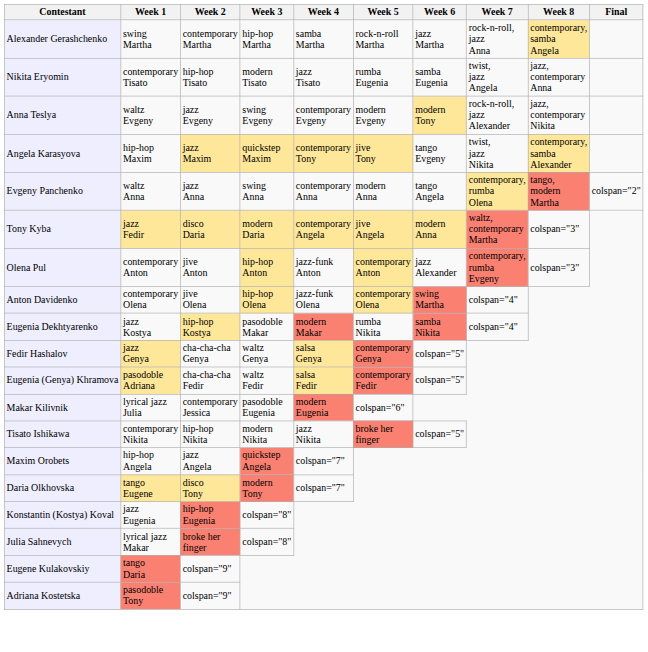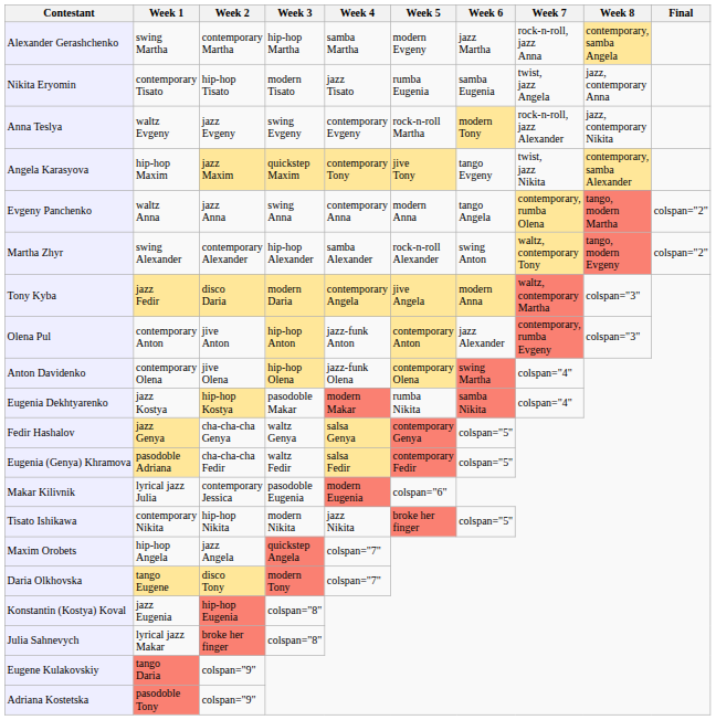 <table class="wikitable">
 <tr>
 <th>Contestant</th>
 <th>Week 1</th>
 <th>Week 2</th>
 <th>Week 3</th>
 <th>Week 4</th>
 <th>Week 5</th>
 <th>Week 6</th>
 <th>Week 7</th>
 <th>Week 8</th>
 <th>Final</th>
 </tr>
 <tr>
 <td bgcolor="#eeeeff">Alexander Gerashchenko</td>
 <td>swing <br> Martha</td>
 <td>contemporary <br> Martha</td>
 <td>hip-hop <br> Martha</td>
 <td>samba <br> Martha</td>
-<td>rock-n-roll <br> Martha</td>
+<td>modern <br> Evgeny</td>
 <td>jazz <br> Martha</td>
 <td>rock-n-roll, <br> jazz <br> Anna</td>
 <td bgcolor=#FFE799>contemporary, <br> samba <br> Angela</td>
 <td></td>
 </tr>
 <tr>
 <td bgcolor="#eeeeff">Nikita Eryomin</td>
 <td>contemporary <br> Tisato</td>
 <td>hip-hop <br> Tisato</td>
 <td>modern <br> Tisato</td>
 <td>jazz <br> Tisato</td>
 <td>rumba <br> Eugenia</td>
 <td>samba <br> Eugenia</td>
 <td>twist, <br> jazz <br> Angela</td>
 <td>jazz, <br> contemporary <br> Anna</td>
 <td></td>
 </tr>
 <tr>
 <td bgcolor="#eeeeff">Anna Teslya</td>
 <td>waltz <br> Evgeny</td>
 <td>jazz <br> Evgeny</td>
 <td>swing <br> Evgeny</td>
 <td>contemporary <br> Evgeny</td>
-<td>modern <br> Evgeny</td>
+<td>rock-n-roll <br> Martha</td>
 <td bgcolor=#FFE799>modern <br> Tony</td>
 <td>rock-n-roll, <br> jazz <br> Alexander</td>
 <td>jazz, <br> contemporary <br> Nikita</td>
 <td></td>
 </tr>
 <tr>
 <td bgcolor="#eeeeff">Angela Karasyova</td>
 <td>hip-hop <br> Maxim</td>
 <td bgcolor=#FFE799>jazz <br> Maxim</td>
 <td bgcolor=#FFE799>quickstep <br> Maxim</td>
 <td bgcolor=#FFE799>contemporary <br> Tony</td>
 <td bgcolor=#FFE799>jive <br> Tony</td>
 <td>tango <br> Evgeny</td>
 <td>twist, <br> jazz <br> Nikita</td>
 <td bgcolor=#FFE799>contemporary, <br> samba <br> Alexander</td>
 <td></td>
 </tr>
 <tr>
 <td bgcolor="#eeeeff">Evgeny Panchenko</td>
 <td>waltz <br> Anna</td>
 <td>jazz <br> Anna</td>
 <td>swing <br> Anna</td>
 <td>contemporary <br> Anna</td>
 <td>modern <br> Anna</td>
 <td>tango <br> Angela</td>
 <td bgcolor=#FFE799>contemporary, <br> rumba <br> Olena</td>
 <td bgcolor=#FA8072>tango, <br> modern <br> Martha</td>
+<td>colspan="2" </td>
+</tr>
+<tr>
+<td bgcolor="#eeeeff">Martha Zhyr</td>
+<td>swing <br> Alexander</td>
+<td>contemporary <br> Alexander</td>
+<td>hip-hop <br> Alexander</td>
+<td>samba <br> Alexander</td>
+<td>rock-n-roll <br> Alexander</td>
+<td>swing <br> Anton</td>
+<td bgcolor=#FFE799>waltz, <br> contemporary <br> Tony</td>
+<td bgcolor=#FA8072>tango, <br> modern <br> Evgeny</td>
 <td>colspan="2" </td>
 </tr>
 <tr>
 <td bgcolor="#eeeeff">Tony Kyba</td>
 <td bgcolor=#FFE799>jazz <br> Fedir</td>
 <td bgcolor=#FFE799>disco <br> Daria</td>
 <td bgcolor=#FFE799>modern <br> Daria</td>
 <td bgcolor=#FFE799>contemporary <br> Angela</td>
 <td bgcolor=#FFE799>jive <br> Angela</td>
 <td bgcolor=#FFE799>modern <br> Anna</td>
 <td bgcolor=#FA8072>waltz, <br> contemporary <br> Martha</td>
 <td>colspan="3" </td>
 </tr>
 <tr>
 <td bgcolor="#eeeeff">Olena Pul</td>
 <td>contemporary <br> Anton</td>
 <td>jive <br> Anton</td>
 <td bgcolor=#FFE799>hip-hop <br> Anton</td>
 <td>jazz-funk <br> Anton</td>
 <td bgcolor=#FFE799>contemporary <br> Anton</td>
 <td>jazz <br> Alexander</td>
 <td bgcolor=#FA8072>contemporary, <br> rumba <br> Evgeny</td>
 <td>colspan="3" </td>
 </tr>
 <tr>
 <td bgcolor="#eeeeff">Anton Davidenko</td>
 <td>contemporary <br> Olena</td>
 <td>jive <br> Olena</td>
 <td bgcolor=#FFE799>hip-hop <br> Olena</td>
 <td>jazz-funk <br> Olena</td>
 <td bgcolor=#FFE799>contemporary <br> Olena</td>
 <td bgcolor=#FA8072>swing <br> Martha</td>
 <td>colspan="4" </td>
 </tr>
 <tr>
 <td bgcolor="#eeeeff">Eugenia Dekhtyarenko</td>
 <td>jazz <br> Kostya</td>
 <td bgcolor=#FFE799>hip-hop <br> Kostya</td>
 <td>pasodoble <br> Makar</td>
 <td bgcolor=#FA8072>modern <br> Makar</td>
 <td>rumba <br> Nikita</td>
 <td bgcolor=#FA8072>samba <br> Nikita</td>
 <td>colspan="4" </td>
 </tr>
 <tr>
 <td bgcolor="#eeeeff">Fedir Hashalov</td>
 <td bgcolor=#FFE799>jazz <br> Genya</td>
 <td>cha-cha-cha <br> Genya</td>
 <td>waltz <br> Genya</td>
 <td bgcolor=#FFE799>salsa <br> Genya</td>
 <td bgcolor=#FA8072>contemporary <br> Genya</td>
 <td>colspan="5" </td>
 </tr>
 <tr>
 <td bgcolor="#eeeeff">Eugenia (Genya) Khramova</td>
 <td bgcolor=#FFE799>pasodoble <br> Adriana</td>
 <td>cha-cha-cha <br> Fedir</td>
 <td>waltz <br> Fedir</td>
 <td bgcolor=#FFE799>salsa <br> Fedir</td>
 <td bgcolor=#FA8072>contemporary <br> Fedir</td>
 <td>colspan="5" </td>
 </tr>
 <tr>
 <td bgcolor="#eeeeff">Makar Kilivnik</td>
 <td>lyrical jazz <br> Julia</td>
 <td>contemporary <br> Jessica </td>
 <td>pasodoble <br> Eugenia</td>
 <td bgcolor=#FA8072>modern <br> Eugenia</td>
 <td>colspan="6" </td>
 </tr>
 <tr>
 <td bgcolor="#eeeeff">Tisato Ishikawa</td>
 <td>contemporary <br> Nikita</td>
 <td>hip-hop <br> Nikita</td>
 <td>modern <br> Nikita</td>
 <td>jazz <br> Nikita</td>
 <td bgcolor=#FA8072>broke her <br> finger</td>
 <td>colspan="5" </td>
 </tr>
 <tr>
 <td bgcolor="#eeeeff">Maxim Orobets</td>
 <td>hip-hop <br> Angela</td>
 <td>jazz <br> Angela</td>
 <td bgcolor=#FA8072>quickstep <br> Angela</td>
 <td>colspan="7" </td>
 </tr>
 <tr>
 <td bgcolor="#eeeeff">Daria Olkhovska</td>
 <td bgcolor=#FFE799>tango <br> Eugene</td>
 <td bgcolor=#FFE799>disco <br> Tony</td>
 <td bgcolor=#FA8072>modern <br> Tony</td>
 <td>colspan="7" </td>
 </tr>
 <tr>
 <td bgcolor="#eeeeff">Konstantin (Kostya) Koval</td>
 <td>jazz <br> Eugenia</td>
 <td bgcolor=#FA8072>hip-hop <br> Eugenia</td>
 <td>colspan="8" </td>
 </tr>
 <tr>
 <td bgcolor="#eeeeff">Julia Sahnevych</td>
 <td>lyrical jazz <br> Makar</td>
 <td bgcolor=#FA8072>broke her <br> finger</td>
 <td>colspan="8" </td>
 </tr>
 <tr>
 <td bgcolor="#eeeeff">Eugene Kulakovskiy</td>
 <td bgcolor=#FA8072>tango <br> Daria</td>
 <td>colspan="9" </td>
 </tr>
 <tr>
 <td bgcolor="#eeeeff">Adriana Kostetska</td>
 <td bgcolor=#FA8072>pasodoble <br> Tony</td>
 <td>colspan="9" </td>
 </tr>
 </table>
